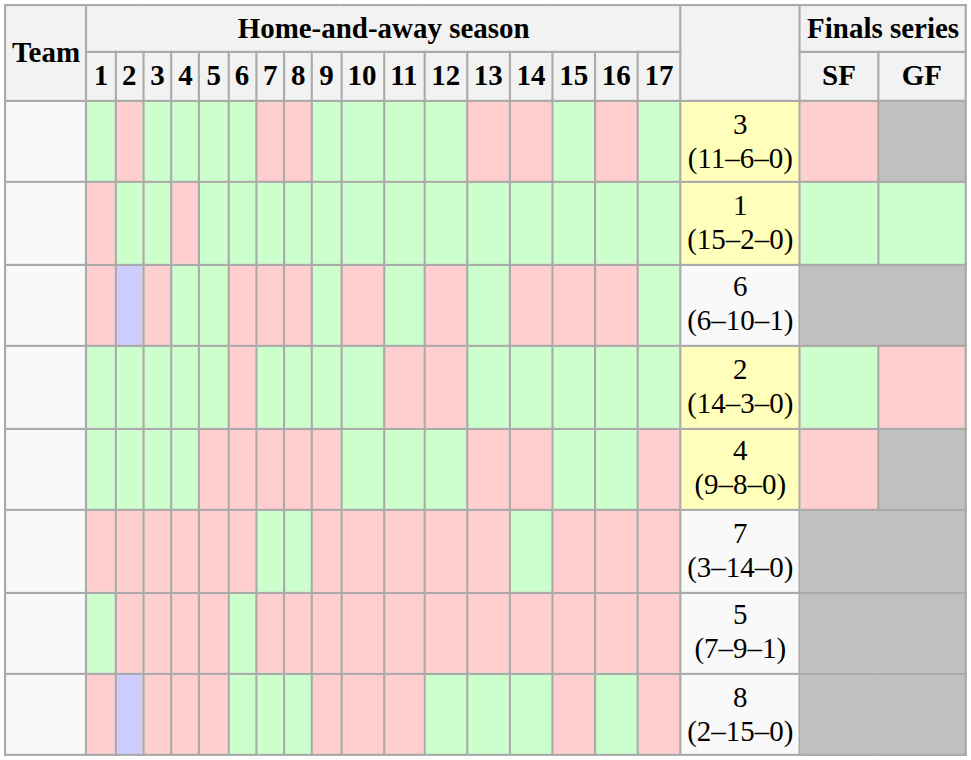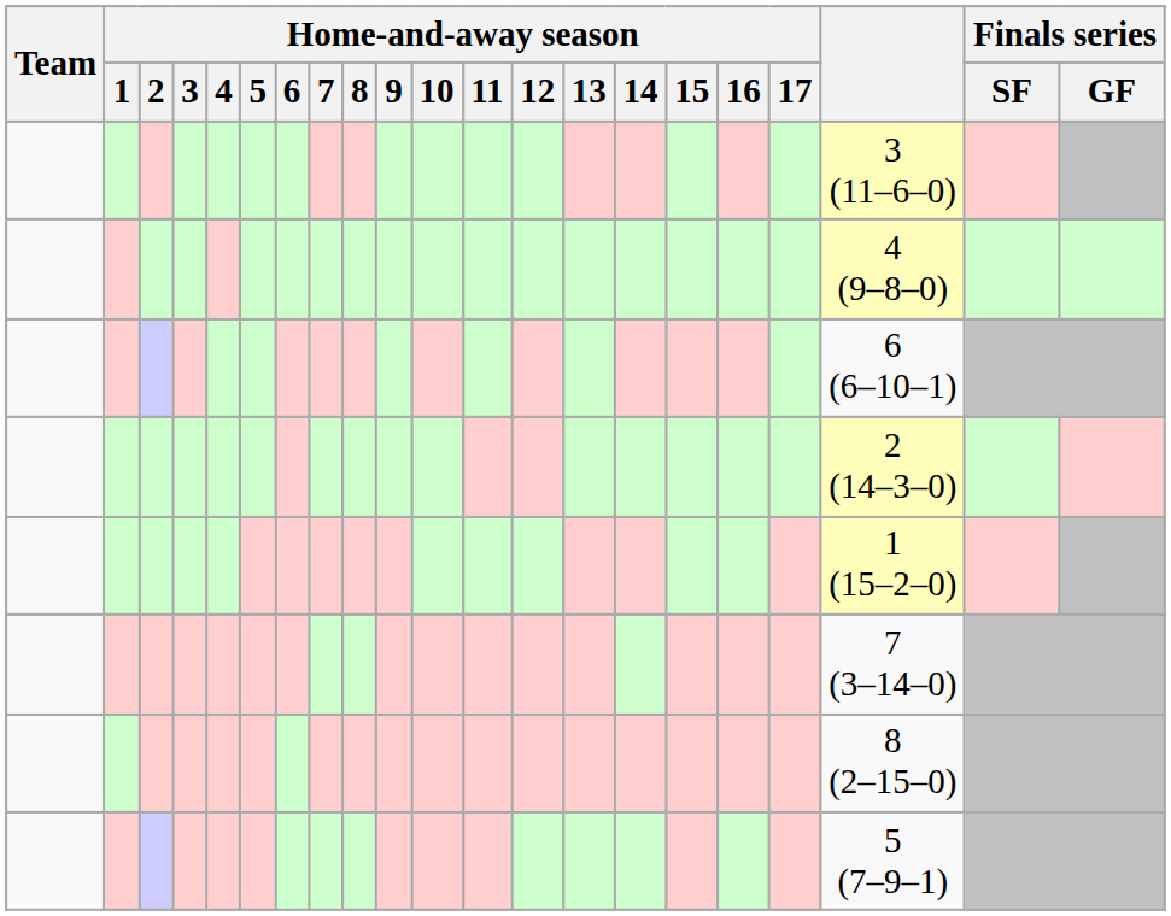 <table class="wikitable sortable" style="font-size:85%; text-align:center">
 <tr>
 <th rowspan=2>Team</th>
 <th colspan=17>Home-and-away season</th>
 <th rowspan=2></th>
 <th colspan=2>Finals series</th>
 </tr>
 <tr>
 <th>1</th>
 <th>2</th>
 <th>3</th>
 <th>4</th>
 <th>5</th>
 <th>6</th>
 <th>7</th>
 <th>8</th>
 <th>9</th>
 <th>10</th>
 <th>11</th>
 <th>12</th>
 <th>13</th>
 <th>14</th>
 <th>15</th>
 <th>16</th>
 <th>17</th>
 <th>SF</th>
 <th>GF</th>
 </tr>
 <tr>
 <td align=left></td>
 <td bgcolor=CCFFCC><strong></strong></td>
 <td bgcolor=FFCFCF></td>
 <td bgcolor=CCFFCC></td>
 <td bgcolor=CCFFCC><strong></strong></td>
 <td bgcolor=CCFFCC></td>
 <td bgcolor=CCFFCC><strong></strong></td>
 <td bgcolor=FFCFCF></td>
 <td bgcolor=FFCFCF></td>
 <td bgcolor=CCFFCC><strong></strong></td>
 <td bgcolor=CCFFCC><strong></strong></td>
 <td bgcolor=CCFFCC></td>
 <td bgcolor=CCFFCC><strong></strong></td>
 <td bgcolor=FFCFCF></td>
 <td bgcolor=FFCFCF><strong></strong></td>
 <td bgcolor=CCFFCC></td>
 <td bgcolor=FFCFCF><strong></strong></td>
 <td bgcolor=CCFFCC></td>
 <td bgcolor=FFFFBB>3<br>(11–6–0)</td>
 <td bgcolor=FFCFCF></td>
 <td bgcolor=C0C0C0></td>
 </tr>
 <tr>
 <td align=left></td>
 <td bgcolor=FFCFCF></td>
 <td bgcolor=CCFFCC><strong></strong></td>
 <td bgcolor=CCFFCC><strong></strong></td>
 <td bgcolor=FFCFCF></td>
 <td bgcolor=CCFFCC><strong></strong></td>
 <td bgcolor=CCFFCC></td>
 <td bgcolor=CCFFCC><strong></strong></td>
 <td bgcolor=CCFFCC><strong></strong></td>
 <td bgcolor=CCFFCC></td>
 <td bgcolor=CCFFCC></td>
 <td bgcolor=CCFFCC><strong></strong></td>
 <td bgcolor=CCFFCC></td>
 <td bgcolor=CCFFCC><strong></strong></td>
 <td bgcolor=CCFFCC></td>
 <td bgcolor=CCFFCC><strong></strong></td>
 <td bgcolor=CCFFCC></td>
 <td bgcolor=CCFFCC><strong></strong></td>
-<td bgcolor=FFFFBB>1<br>(15–2–0)</td>
+<td bgcolor=FFFFBB>4<br>(9–8–0)</td>
 <td bgcolor=CCFFCC><strong></strong></td>
 <td bgcolor=CCFFCC><strong></strong></td>
 </tr>
 <tr>
 <td align=left></td>
 <td bgcolor=FFCFCF><strong></strong></td>
 <td bgcolor=CCCCFF></td>
 <td bgcolor=FFCFCF><strong></strong></td>
 <td bgcolor=CCFFCC></td>
 <td bgcolor=CCFFCC><strong></strong></td>
 <td bgcolor=FFCFCF><strong></strong></td>
 <td bgcolor=FFCFCF></td>
 <td bgcolor=FFCFCF></td>
 <td bgcolor=CCFFCC><strong></strong></td>
 <td bgcolor=FFCFCF></td>
 <td bgcolor=CCFFCC><strong></strong></td>
 <td bgcolor=FFCFCF></td>
 <td bgcolor=CCFFCC></td>
 <td bgcolor=FFCFCF><strong></strong></td>
 <td bgcolor=FFCFCF><strong></strong></td>
 <td bgcolor=FFCFCF></td>
 <td bgcolor=CCFFCC><strong></strong></td>
 <td>6<br>(6–10–1)</td>
 <td colspan=2 bgcolor=C0C0C0></td>
 </tr>
 <tr>
 <td align=left></td>
 <td bgcolor=CCFFCC></td>
 <td bgcolor=CCFFCC></td>
 <td bgcolor=CCFFCC><strong></strong></td>
 <td bgcolor=CCFFCC><strong></strong></td>
 <td bgcolor=CCFFCC><strong></strong></td>
 <td bgcolor=FFCFCF></td>
 <td bgcolor=CCFFCC><strong></strong></td>
 <td bgcolor=CCFFCC><strong></strong></td>
 <td bgcolor=CCFFCC><strong></strong></td>
 <td bgcolor=CCFFCC></td>
 <td bgcolor=FFCFCF></td>
 <td bgcolor=FFCFCF></td>
 <td bgcolor=CCFFCC><strong></strong></td>
 <td bgcolor=CCFFCC></td>
 <td bgcolor=CCFFCC></td>
 <td bgcolor=CCFFCC><strong></strong></td>
 <td bgcolor=CCFFCC></td>
 <td bgcolor=FFFFBB>2<br>(14–3–0)</td>
 <td bgcolor=CCFFCC><strong></strong></td>
 <td bgcolor=FFCFCF></td>
 </tr>
 <tr>
 <td align=left></td>
 <td bgcolor=CCFFCC></td>
 <td bgcolor=CCFFCC><strong></strong></td>
 <td bgcolor=CCFFCC><strong></strong></td>
 <td bgcolor=CCFFCC></td>
 <td bgcolor=FFCFCF></td>
 <td bgcolor=FFCFCF><strong></strong></td>
 <td bgcolor=FFCFCF></td>
 <td bgcolor=FFCFCF><strong></strong></td>
 <td bgcolor=FFCFCF></td>
 <td bgcolor=CCFFCC></td>
 <td bgcolor=CCFFCC><strong></strong></td>
 <td bgcolor=CCFFCC><strong></strong></td>
 <td bgcolor=FFCFCF></td>
 <td bgcolor=FFCFCF><strong></strong></td>
 <td bgcolor=CCFFCC></td>
 <td bgcolor=CCFFCC><strong></strong></td>
 <td bgcolor=FFCFCF><strong></strong></td>
-<td bgcolor=FFFFBB>4<br>(9–8–0)</td>
+<td bgcolor=FFFFBB>1<br>(15–2–0)</td>
 <td bgcolor=FFCFCF></td>
 <td bgcolor=C0C0C0></td>
 </tr>
 <tr>
 <td align=left></td>
 <td bgcolor=FFCFCF></td>
 <td bgcolor=FFCFCF><strong></strong></td>
 <td bgcolor=FFCFCF></td>
 <td bgcolor=FFCFCF><strong></strong></td>
 <td bgcolor=FFCFCF></td>
 <td bgcolor=FFCFCF></td>
 <td bgcolor=CCFFCC><strong></strong></td>
 <td bgcolor=CCFFCC><strong></strong></td>
 <td bgcolor=FFCFCF></td>
 <td bgcolor=FFCFCF><strong></strong></td>
 <td bgcolor=FFCFCF></td>
 <td bgcolor=FFCFCF><strong></strong></td>
 <td bgcolor=FFCFCF><strong></strong></td>
 <td bgcolor=CCFFCC></td>
 <td bgcolor=FFCFCF><strong></strong></td>
 <td bgcolor=FFCFCF></td>
 <td bgcolor=FFCFCF></td>
 <td>7<br>(3–14–0)</td>
 <td colspan=2 bgcolor=C0C0C0></td>
 </tr>
 <tr>
 <td align=left></td>
 <td bgcolor=CCFFCC><strong></strong></td>
 <td bgcolor=FFCFCF></td>
 <td bgcolor=FFCFCF></td>
 <td bgcolor=FFCFCF><strong></strong></td>
 <td bgcolor=FFCFCF><strong></strong></td>
 <td bgcolor=CCFFCC></td>
 <td bgcolor=FFCFCF><strong></strong></td>
 <td bgcolor=FFCFCF></td>
 <td bgcolor=FFCFCF><strong></strong></td>
 <td bgcolor=FFCFCF><strong></strong></td>
 <td bgcolor=FFCFCF></td>
 <td bgcolor=FFCFCF></td>
 <td bgcolor=FFCFCF><strong></strong></td>
 <td bgcolor=FFCFCF></td>
 <td bgcolor=FFCFCF><strong></strong></td>
 <td bgcolor=FFCFCF></td>
 <td bgcolor=FFCFCF></td>
-<td>5<br>(7–9–1)</td>
+<td>8<br>(2–15–0)</td>
 <td colspan=2 bgcolor=C0C0C0></td>
 </tr>
 <tr>
 <td align=left></td>
 <td bgcolor=FFCFCF><strong></strong></td>
 <td bgcolor=CCCCFF><strong></strong></td>
 <td bgcolor=FFCFCF></td>
 <td bgcolor=FFCFCF></td>
 <td bgcolor=FFCFCF></td>
 <td bgcolor=CCFFCC><strong></strong></td>
 <td bgcolor=CCFFCC></td>
 <td bgcolor=CCFFCC></td>
 <td bgcolor=FFCFCF></td>
 <td bgcolor=FFCFCF><strong></strong></td>
 <td bgcolor=FFCFCF><strong></strong></td>
 <td bgcolor=CCFFCC><strong></strong></td>
 <td bgcolor=CCFFCC></td>
 <td bgcolor=CCFFCC><strong></strong></td>
 <td bgcolor=FFCFCF></td>
 <td bgcolor=CCFFCC><strong></strong></td>
 <td bgcolor=FFCFCF><strong></strong></td>
-<td>8<br>(2–15–0)</td>
+<td>5<br>(7–9–1)</td>
 <td colspan=2 bgcolor=C0C0C0></td>
 </tr>
 </table>
